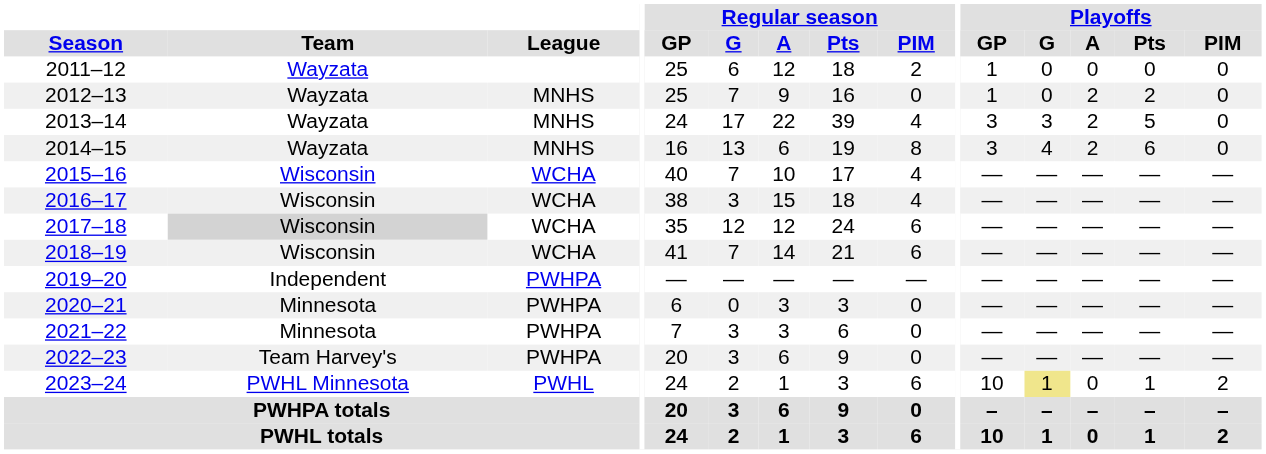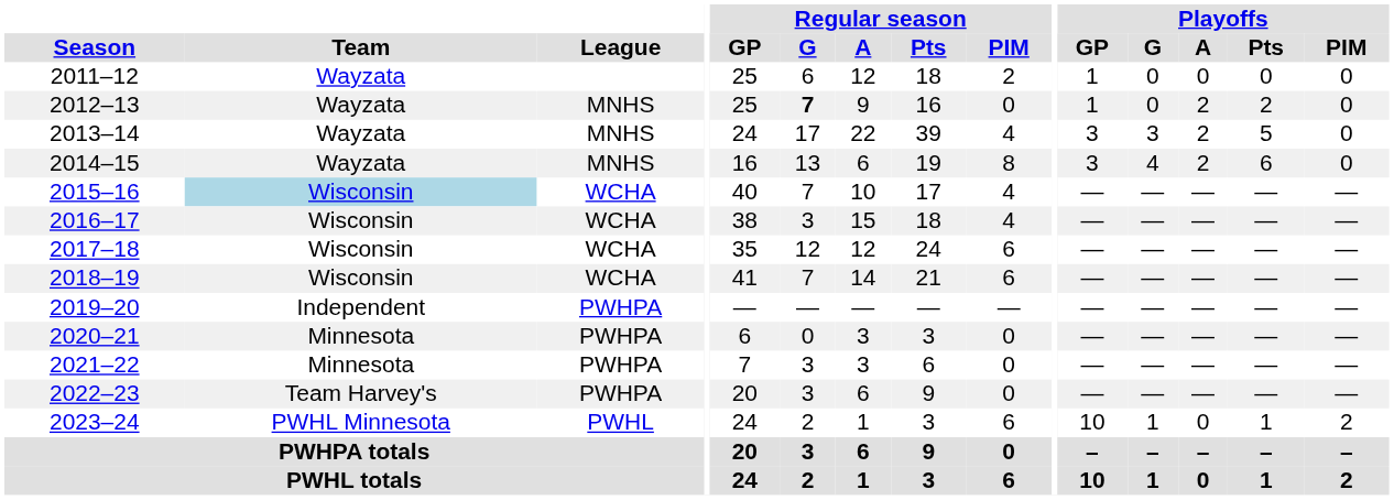 <table border="0" cellpadding="1" cellspacing="0" style="text-align:center; width:60em">
 <tr bgcolor="#e0e0e0">
 <th colspan="3" bgcolor="#ffffff"></th>
 <th rowspan="97" bgcolor="#ffffff"></th>
 <th colspan="5"><a href='#'>Regular season</a></th>
 <th rowspan="97" bgcolor="#ffffff"></th>
 <th colspan="5"><a href='#'>Playoffs</a></th>
 </tr>
 <tr bgcolor="#e0e0e0">
 <th><a href='#'>Season</a></th>
 <th>Team</th>
 <th>League</th>
 <th>GP</th>
 <th><a href='#'>G</a></th>
 <th><a href='#'>A</a></th>
 <th><a href='#'>Pts</a></th>
 <th><a href='#'>PIM</a></th>
 <th>GP</th>
 <th>G</th>
 <th>A</th>
 <th>Pts</th>
 <th>PIM</th>
 </tr>
 <tr>
 <td>2011–12</td>
 <td><a href='#'>Wayzata</a></td>
 <td></td>
 <td>25</td>
 <td>6</td>
 <td>12</td>
 <td>18</td>
 <td>2</td>
 <td>1</td>
 <td>0</td>
 <td>0</td>
 <td>0</td>
 <td>0</td>
 </tr>
 <tr bgcolor="#f0f0f0">
 <td>2012–13</td>
 <td>Wayzata</td>
 <td>MNHS</td>
 <td>25</td>
-<td>7</td>
+<td><strong>7</strong></td>
 <td>9</td>
 <td>16</td>
 <td>0</td>
 <td>1</td>
 <td>0</td>
 <td>2</td>
 <td>2</td>
 <td>0</td>
 </tr>
 <tr>
 <td>2013–14</td>
 <td>Wayzata</td>
 <td>MNHS</td>
 <td>24</td>
 <td>17</td>
 <td>22</td>
 <td>39</td>
 <td>4</td>
 <td>3</td>
 <td>3</td>
 <td>2</td>
 <td>5</td>
 <td>0</td>
 </tr>
 <tr bgcolor="#f0f0f0">
 <td>2014–15</td>
 <td>Wayzata</td>
 <td>MNHS</td>
 <td>16</td>
 <td>13</td>
 <td>6</td>
 <td>19</td>
 <td>8</td>
 <td>3</td>
 <td>4</td>
 <td>2</td>
 <td>6</td>
 <td>0</td>
 </tr>
 <tr>
 <td><a href='#'>2015–16</a></td>
-<td><a href='#'>Wisconsin</a></td>
+<td style="background: lightblue;"><a href='#'>Wisconsin</a></td>
 <td><a href='#'>WCHA</a></td>
 <td>40</td>
 <td>7</td>
 <td>10</td>
 <td>17</td>
 <td>4</td>
 <td>—</td>
 <td>—</td>
 <td>—</td>
 <td>—</td>
 <td>—</td>
 </tr>
 <tr bgcolor="#f0f0f0">
 <td><a href='#'>2016–17</a></td>
 <td>Wisconsin</td>
 <td>WCHA</td>
 <td>38</td>
 <td>3</td>
 <td>15</td>
 <td>18</td>
 <td>4</td>
 <td>—</td>
 <td>—</td>
 <td>—</td>
 <td>—</td>
 <td>—</td>
 </tr>
 <tr>
 <td><a href='#'>2017–18</a></td>
-<td style="background: lightgrey;">Wisconsin</td>
+<td>Wisconsin</td>
 <td>WCHA</td>
 <td>35</td>
 <td>12</td>
 <td>12</td>
 <td>24</td>
 <td>6</td>
 <td>—</td>
 <td>—</td>
 <td>—</td>
 <td>—</td>
 <td>—</td>
 </tr>
 <tr bgcolor="#f0f0f0">
 <td><a href='#'>2018–19</a></td>
 <td>Wisconsin</td>
 <td>WCHA</td>
 <td>41</td>
 <td>7</td>
 <td>14</td>
 <td>21</td>
 <td>6</td>
 <td>—</td>
 <td>—</td>
 <td>—</td>
 <td>—</td>
 <td>—</td>
 </tr>
 <tr>
 <td><a href='#'>2019–20</a></td>
 <td>Independent</td>
 <td><a href='#'>PWHPA</a></td>
 <td>—</td>
 <td>—</td>
 <td>—</td>
 <td>—</td>
 <td>—</td>
 <td>—</td>
 <td>—</td>
 <td>—</td>
 <td>—</td>
 <td>—</td>
 </tr>
 <tr bgcolor="#f0f0f0">
 <td><a href='#'>2020–21</a></td>
 <td>Minnesota</td>
 <td>PWHPA</td>
 <td>6</td>
 <td>0</td>
 <td>3</td>
 <td>3</td>
 <td>0</td>
 <td>—</td>
 <td>—</td>
 <td>—</td>
 <td>—</td>
 <td>—</td>
 </tr>
 <tr>
 <td><a href='#'>2021–22</a></td>
 <td>Minnesota</td>
 <td>PWHPA</td>
 <td>7</td>
 <td>3</td>
 <td>3</td>
 <td>6</td>
 <td>0</td>
 <td>—</td>
 <td>—</td>
 <td>—</td>
 <td>—</td>
 <td>—</td>
 </tr>
 <tr bgcolor="#f0f0f0">
 <td><a href='#'>2022–23</a></td>
 <td>Team Harvey's</td>
 <td>PWHPA</td>
 <td>20</td>
 <td>3</td>
 <td>6</td>
 <td>9</td>
 <td>0</td>
 <td>—</td>
 <td>—</td>
 <td>—</td>
 <td>—</td>
 <td>—</td>
 </tr>
 <tr>
 <td><a href='#'>2023–24</a></td>
 <td><a href='#'>PWHL Minnesota</a></td>
 <td><a href='#'>PWHL</a></td>
 <td>24</td>
 <td>2</td>
 <td>1</td>
 <td>3</td>
 <td>6</td>
 <td>10</td>
-<td style="background: khaki;">1</td>
+<td>1</td>
 <td>0</td>
 <td>1</td>
 <td>2</td>
 </tr>
 <tr bgcolor="#e0e0e0">
 <th colspan=3>PWHPA totals</th>
 <th>20</th>
 <th>3</th>
 <th>6</th>
 <th>9</th>
 <th>0</th>
 <th>–</th>
 <th>–</th>
 <th>–</th>
 <th>–</th>
 <th>–</th>
 </tr>
 <tr bgcolor="#e0e0e0">
 <th colspan=3>PWHL totals</th>
 <th>24</th>
 <th>2</th>
 <th>1</th>
 <th>3</th>
 <th>6</th>
 <th>10</th>
 <th>1</th>
 <th>0</th>
 <th>1</th>
 <th>2</th>
 </tr>
 </table>
